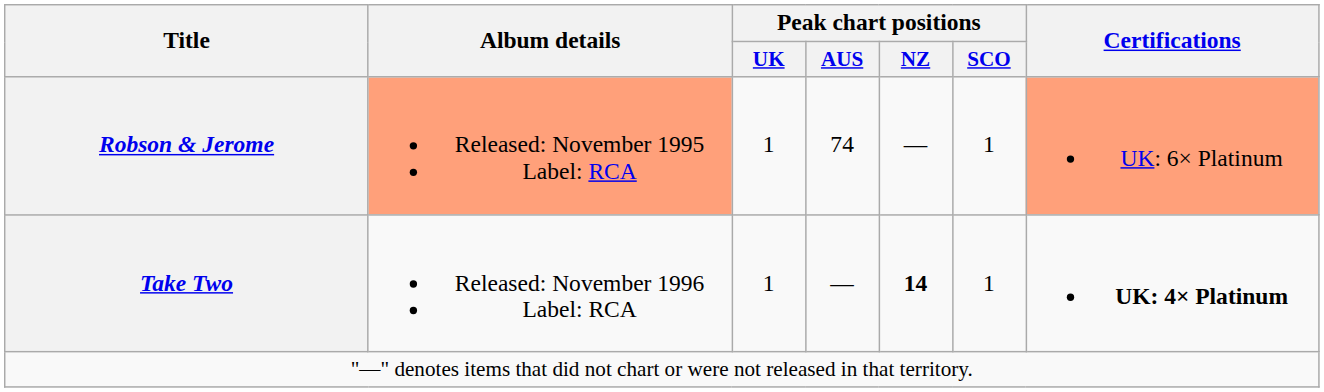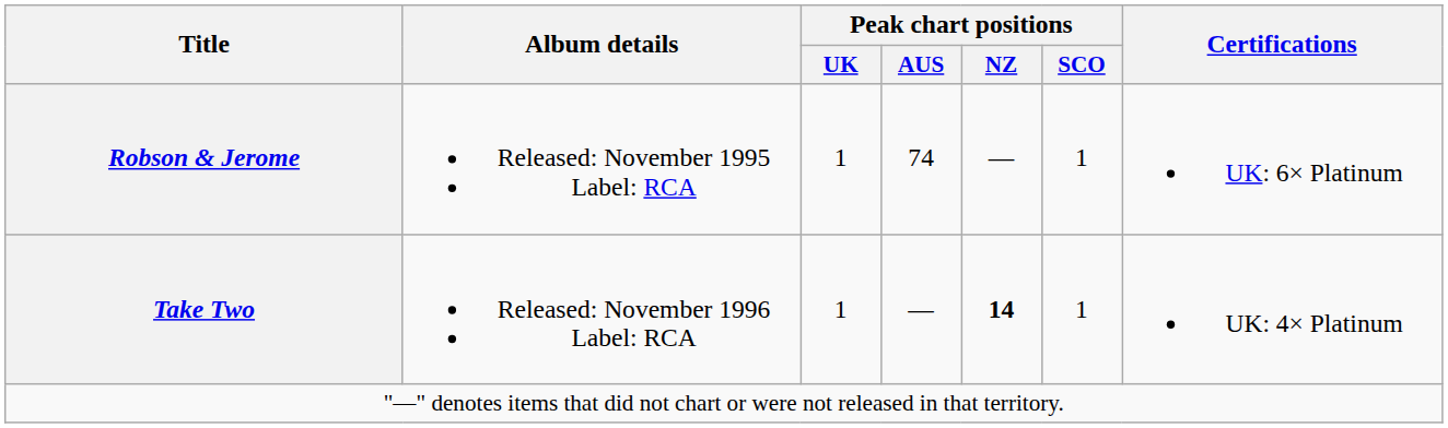 <table class="wikitable plainrowheaders" style="text-align:center;">
 <tr>
 <th scope="col" rowspan="2" style="width:15em;">Title</th>
 <th scope="col" rowspan="2" style="width:15em;">Album details</th>
 <th scope="col" colspan="4">Peak chart positions</th>
 <th rowspan="2" style="width:12em;"><a href='#'>Certifications</a></th>
 </tr>
 <tr>
 <th scope="col" style="width:3em;font-size:90%;"><a href='#'>UK</a><br></th>
 <th scope="col" style="width:3em;font-size:90%;"><a href='#'>AUS</a><br></th>
 <th scope="col" style="width:3em;font-size:90%;"><a href='#'>NZ</a><br></th>
 <th scope="col" style="width:3em;font-size:90%;"><a href='#'>SCO</a><br></th>
 </tr>
 <tr>
 <th scope="row"><em><a href='#'>Robson & Jerome</a></em></th>
-<td style="background: lightsalmon;"><br><ul><li>Released: November 1995</li><li>Label: <a href='#'>RCA</a></li></ul></td>
+<td><br><ul><li>Released: November 1995</li><li>Label: <a href='#'>RCA</a></li></ul></td>
 <td>1</td>
 <td>74</td>
 <td>—</td>
 <td>1</td>
-<td style="background: lightsalmon;"><br><ul><li><a href='#'>UK</a>: 6× Platinum</li></ul></td>
+<td><br><ul><li><a href='#'>UK</a>: 6× Platinum</li></ul></td>
 </tr>
 <tr>
 <th scope="row"><em><a href='#'>Take Two</a></em></th>
 <td><br><ul><li>Released: November 1996</li><li>Label: RCA</li></ul></td>
 <td>1</td>
 <td>—</td>
 <td><strong>14</strong></td>
 <td>1</td>
-<td><strong><br><ul><li>UK: 4× Platinum</li></ul></strong></td>
+<td><br><ul><li>UK: 4× Platinum</li></ul></td>
 </tr>
 <tr>
 <td colspan="15" style="font-size:90%">"—" denotes items that did not chart or were not released in that territory.</td>
 </tr>
 </table>
